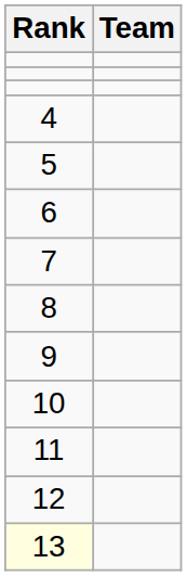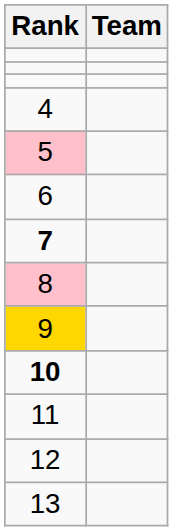 <table class="wikitable">
 <tr>
 <th>Rank</th>
 <th>Team</th>
 </tr>
 <tr>
 <td align=center></td>
 <td></td>
 </tr>
 <tr>
 <td align=center></td>
 <td></td>
 </tr>
 <tr>
 <td align=center></td>
 <td></td>
 </tr>
 <tr>
 <td align=center>4</td>
 <td></td>
 </tr>
 <tr>
-<td align=center>5</td>
+<td align=center style="background: pink;">5</td>
 <td></td>
 </tr>
 <tr>
 <td align=center>6</td>
 <td></td>
 </tr>
 <tr>
-<td align=center>7</td>
+<td align=center><strong>7</strong></td>
 <td></td>
 </tr>
 <tr>
-<td align=center>8</td>
+<td align=center style="background: pink;">8</td>
 <td></td>
 </tr>
 <tr>
-<td align=center>9</td>
+<td align=center style="background: gold;">9</td>
 <td></td>
 </tr>
 <tr>
-<td align=center>10</td>
+<td align=center><strong>10</strong></td>
 <td></td>
 </tr>
 <tr>
 <td align=center>11</td>
 <td></td>
 </tr>
 <tr>
 <td align=center>12</td>
 <td></td>
 </tr>
 <tr>
-<td align=center style="background: lightyellow;">13</td>
+<td align=center>13</td>
 <td></td>
 </tr>
 </table>
